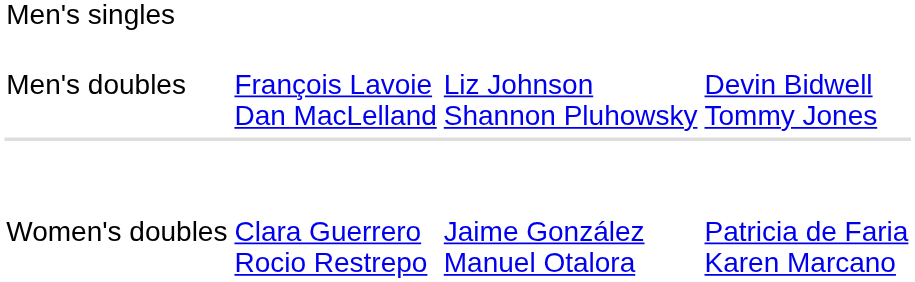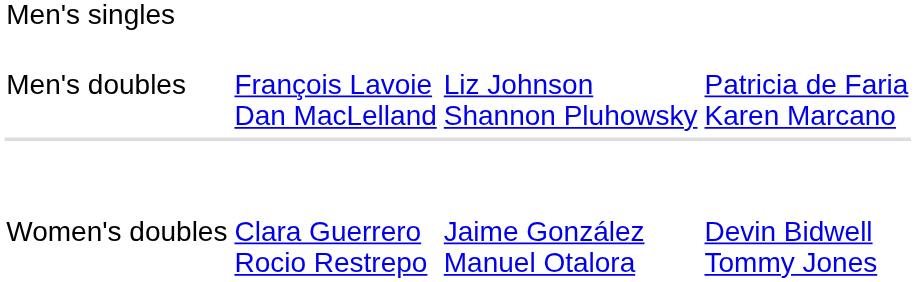 <table>
 <tr>
 <td rowspan=2>Men's singles<br></td>
 <td rowspan=2></td>
 <td rowspan=2></td>
 <td></td>
 </tr>
 <tr>
 <td></td>
 </tr>
 <tr>
 <td>Men's doubles<br></td>
 <td><br><a href='#'>François Lavoie</a> <br><a href='#'>Dan MacLelland</a></td>
 <td><br><a href='#'>Liz Johnson</a> <br><a href='#'>Shannon Pluhowsky</a></td>
-<td><br><a href='#'>Devin Bidwell</a><br><a href='#'>Tommy Jones</a></td>
+<td><br><a href='#'>Patricia de Faria</a><br><a href='#'>Karen Marcano</a></td>
 </tr>
 <tr bgcolor=#DDDDDD>
 <td colspan=7></td>
 </tr>
 <tr>
 <td rowspan=2><br></td>
 <td rowspan=2></td>
 <td rowspan=2></td>
 <td></td>
 </tr>
 <tr>
 <td></td>
 </tr>
 <tr>
 <td>Women's doubles<br></td>
 <td><br><a href='#'>Clara Guerrero</a> <br><a href='#'>Rocio Restrepo</a></td>
 <td><br><a href='#'>Jaime González</a> <br><a href='#'>Manuel Otalora</a></td>
-<td><br><a href='#'>Patricia de Faria</a><br><a href='#'>Karen Marcano</a></td>
+<td><br><a href='#'>Devin Bidwell</a><br><a href='#'>Tommy Jones</a></td>
 </tr>
 </table>
